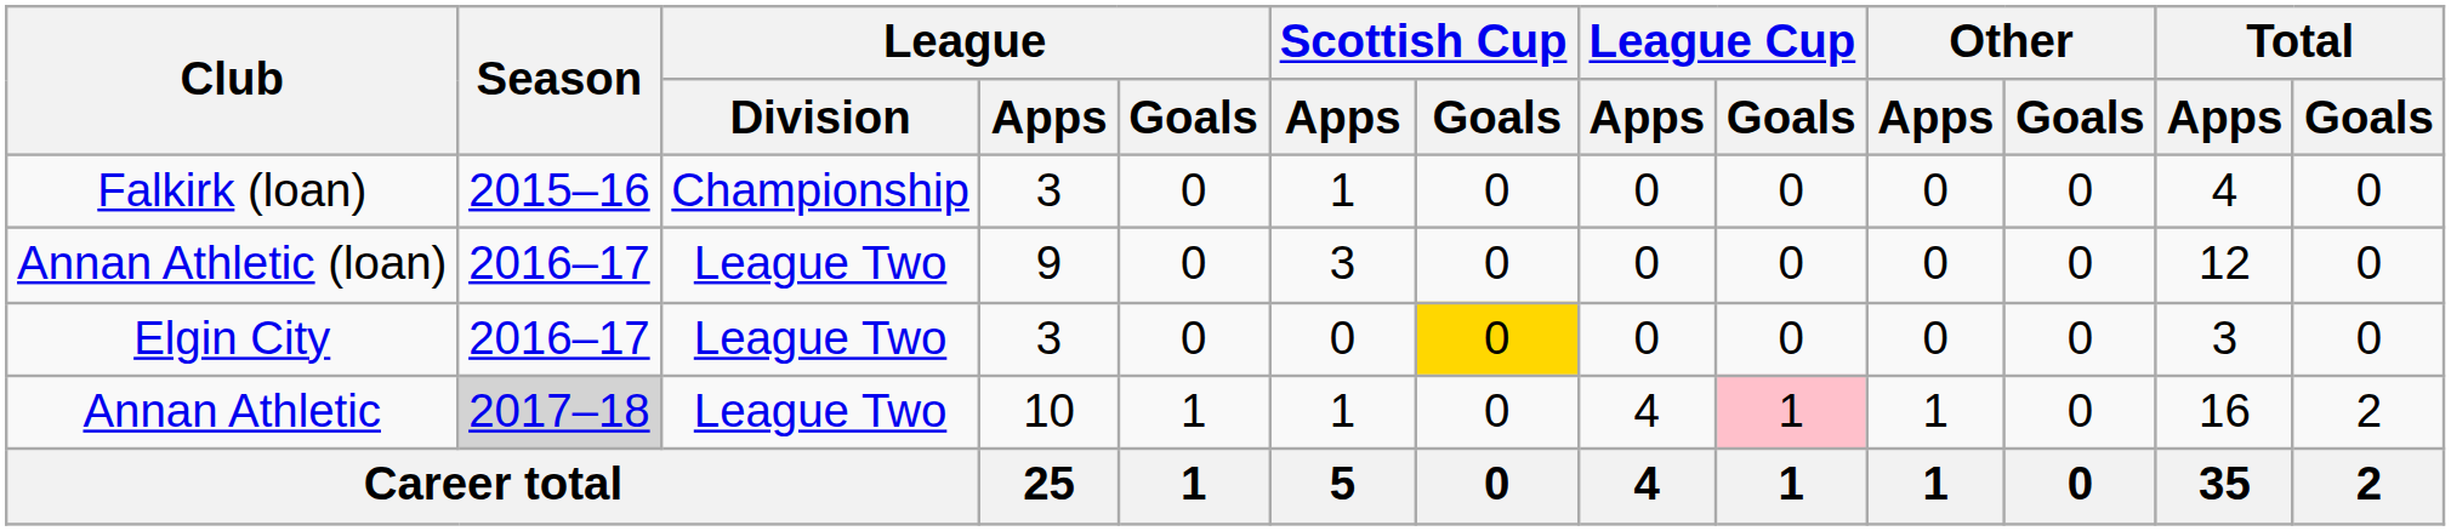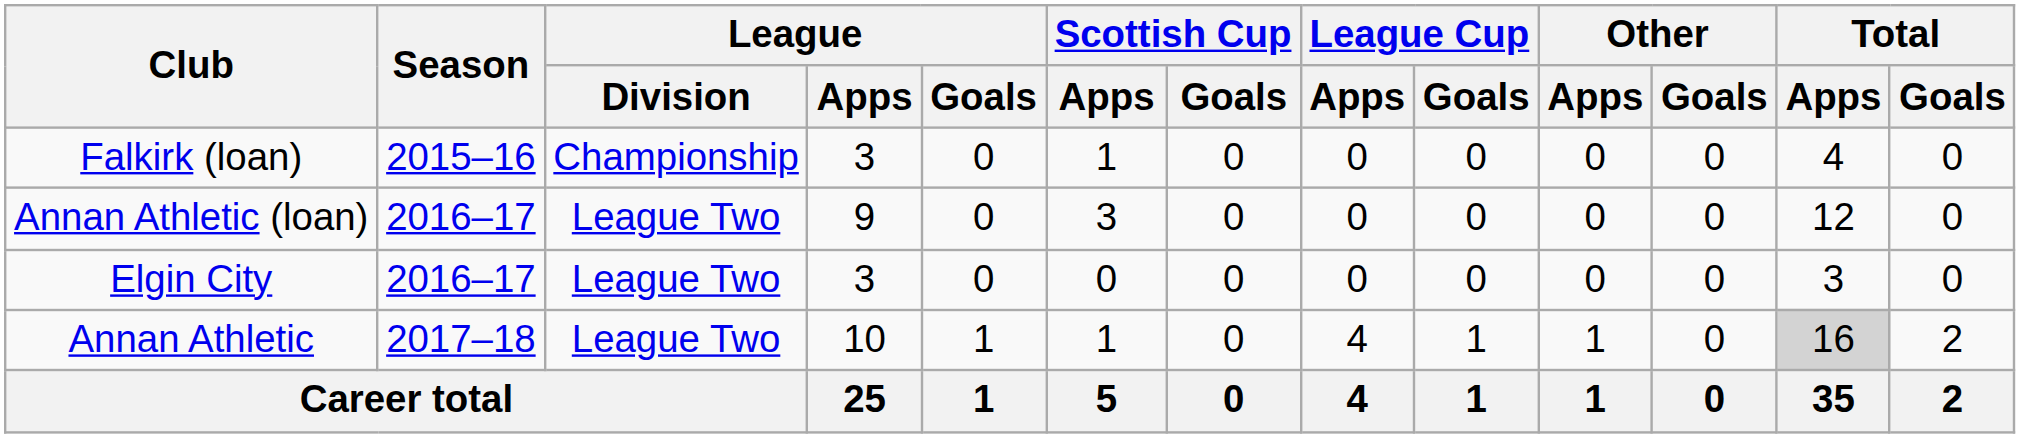 <table class="wikitable" style="text-align: center">
 <tr>
 <th rowspan="2">Club</th>
 <th rowspan="2">Season</th>
 <th colspan="3">League</th>
 <th colspan="2"><a href='#'>Scottish Cup</a></th>
 <th colspan="2"><a href='#'>League Cup</a></th>
 <th colspan="2">Other</th>
 <th colspan="2">Total</th>
 </tr>
 <tr>
 <th>Division</th>
 <th>Apps</th>
 <th>Goals</th>
 <th>Apps</th>
 <th>Goals</th>
 <th>Apps</th>
 <th>Goals</th>
 <th>Apps</th>
 <th>Goals</th>
 <th>Apps</th>
 <th>Goals</th>
 </tr>
 <tr>
 <td><a href='#'>Falkirk</a> (loan)</td>
 <td><a href='#'>2015–16</a></td>
 <td><a href='#'>Championship</a></td>
 <td>3</td>
 <td>0</td>
 <td>1</td>
 <td>0</td>
 <td>0</td>
 <td>0</td>
 <td>0</td>
 <td>0</td>
 <td>4</td>
 <td>0</td>
 </tr>
 <tr>
 <td><a href='#'>Annan Athletic</a> (loan)</td>
 <td><a href='#'>2016–17</a></td>
 <td><a href='#'>League Two</a></td>
 <td>9</td>
 <td>0</td>
 <td>3</td>
 <td>0</td>
 <td>0</td>
 <td>0</td>
 <td>0</td>
 <td>0</td>
 <td>12</td>
 <td>0</td>
 </tr>
 <tr>
 <td><a href='#'>Elgin City</a></td>
 <td><a href='#'>2016–17</a></td>
 <td><a href='#'>League Two</a></td>
 <td>3</td>
 <td>0</td>
 <td>0</td>
-<td style="background: gold;">0</td>
+<td>0</td>
 <td>0</td>
 <td>0</td>
 <td>0</td>
 <td>0</td>
 <td>3</td>
 <td>0</td>
 </tr>
 <tr>
 <td><a href='#'>Annan Athletic</a></td>
-<td style="background: lightgrey;"><a href='#'>2017–18</a></td>
+<td><a href='#'>2017–18</a></td>
 <td><a href='#'>League Two</a></td>
 <td>10</td>
 <td>1</td>
 <td>1</td>
 <td>0</td>
 <td>4</td>
-<td style="background: pink;">1</td>
+<td>1</td>
 <td>1</td>
 <td>0</td>
-<td>16</td>
+<td style="background: lightgrey;">16</td>
 <td>2</td>
 </tr>
 <tr>
 <th colspan="3">Career total</th>
 <th>25</th>
 <th>1</th>
 <th>5</th>
 <th>0</th>
 <th>4</th>
 <th>1</th>
 <th>1</th>
 <th>0</th>
 <th>35</th>
 <th>2</th>
 </tr>
 </table>
